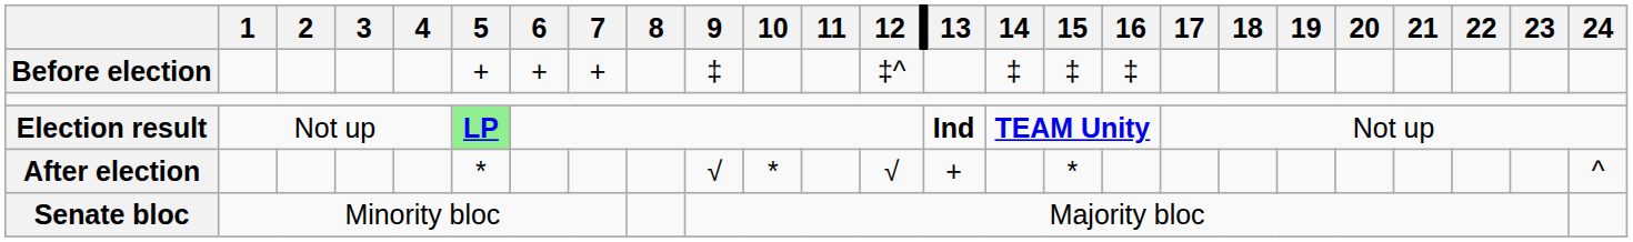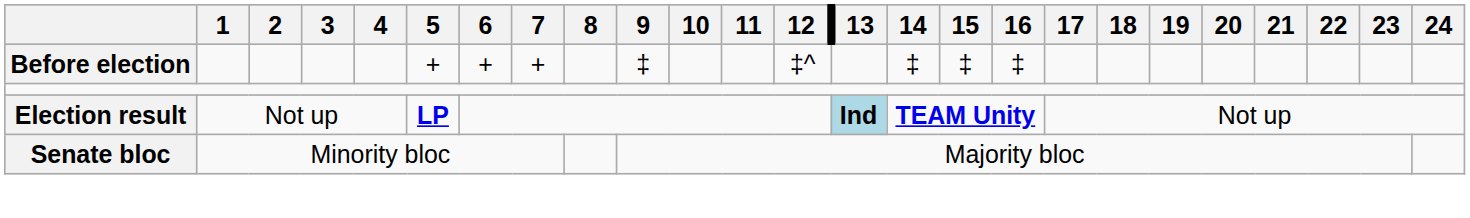 <table class="wikitable" style="text-align:center; font-size:95%">
 <tr>
 <th></th>
 <th width="25px">1</th>
 <th width="25px">2</th>
 <th width="25px">3</th>
 <th width="25px">4</th>
 <th width="25px">5</th>
 <th width="25px">6</th>
 <th width="25px">7</th>
 <th width="25px">8</th>
 <th width="25px">9</th>
 <th width="25px">10</th>
 <th width="25px">11</th>
 <th width="25px">12</th>
 <th width="25px" style="border-left:5px solid black;">13</th>
 <th width="25px">14</th>
 <th width="25px">15</th>
 <th width="25px">16</th>
 <th width="25px">17</th>
 <th width="25px">18</th>
 <th width="25px">19</th>
 <th width="25px">20</th>
 <th width="25px">21</th>
 <th width="25px">22</th>
 <th width="25px">23</th>
 <th width="25px">24</th>
 </tr>
 <tr>
 <th>Before election</th>
 <td></td>
 <td></td>
 <td></td>
 <td></td>
 <td>+</td>
 <td>+</td>
 <td>+</td>
 <td></td>
 <td>‡</td>
 <td></td>
 <td></td>
 <td>‡^</td>
 <td></td>
 <td>‡</td>
 <td>‡</td>
 <td>‡</td>
 <td></td>
 <td></td>
 <td></td>
 <td></td>
 <td></td>
 <td></td>
 <td></td>
 <td></td>
 </tr>
 <tr>
 <td colspan=25></td>
 </tr>
 <tr>
 <th>Election result</th>
 <td colspan="4">Not up</td>
-<td style="background: lightgreen;"><strong><a href='#'>LP</a></strong></td>
+<td><strong><a href='#'>LP</a></strong></td>
 <td colspan="7"><strong><a href='#'></a></strong></td>
-<td><strong>Ind</strong></td>
+<td style="background: lightblue;"><strong>Ind</strong></td>
 <td colspan="3"><strong><a href='#'>TEAM Unity</a></strong></td>
 <td colspan="8">Not up</td>
-</tr>
-<tr>
-<th>After election</th>
-<td></td>
-<td></td>
-<td></td>
-<td></td>
-<td>*</td>
-<td></td>
-<td></td>
-<td></td>
-<td>√</td>
-<td>*</td>
-<td></td>
-<td>√</td>
-<td>+</td>
-<td></td>
-<td>*</td>
-<td></td>
-<td></td>
-<td></td>
-<td></td>
-<td></td>
-<td></td>
-<td></td>
-<td></td>
-<td>^</td>
 </tr>
 <tr>
 <th>Senate bloc</th>
 <td colspan="7">Minority bloc</td>
 <td></td>
 <td colspan="15">Majority bloc</td>
 <td></td>
 </tr>
 </table>
